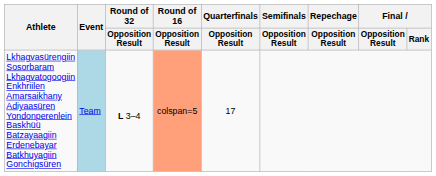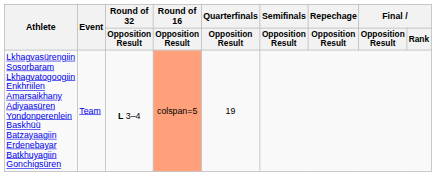 <table class="wikitable" style="font-size:90%">
 <tr>
 <th rowspan="2">Athlete</th>
 <th rowspan="2">Event</th>
 <th>Round of 32</th>
 <th>Round of 16</th>
 <th>Quarterfinals</th>
 <th>Semifinals</th>
 <th>Repechage</th>
 <th colspan=2>Final / </th>
 </tr>
 <tr style="font-size:95%">
 <th>Opposition<br>Result</th>
 <th>Opposition<br>Result</th>
 <th>Opposition<br>Result</th>
 <th>Opposition<br>Result</th>
 <th>Opposition<br>Result</th>
 <th>Opposition<br>Result</th>
 <th>Rank</th>
 </tr>
 <tr align=center>
 <td align=left><a href='#'>Lkhagvasürengiin Sosorbaram</a><br><a href='#'>Lkhagvatogoogiin Enkhriilen</a><br><a href='#'>Amarsaikhany Adiyaasüren</a><br><a href='#'>Yondonperenlein Baskhüü</a><br><a href='#'>Batzayaagiin Erdenebayar</a><br><a href='#'>Batkhuyagiin Gonchigsüren</a></td>
-<td align=left style="background: lightblue;"><a href='#'>Team</a></td>
+<td align=left><a href='#'>Team</a></td>
 <td><br><strong>L</strong> 3–4</td>
 <td style="background: lightsalmon;">colspan=5</td>
-<td>17</td>
+<td>19</td>
 </tr>
 </table>
